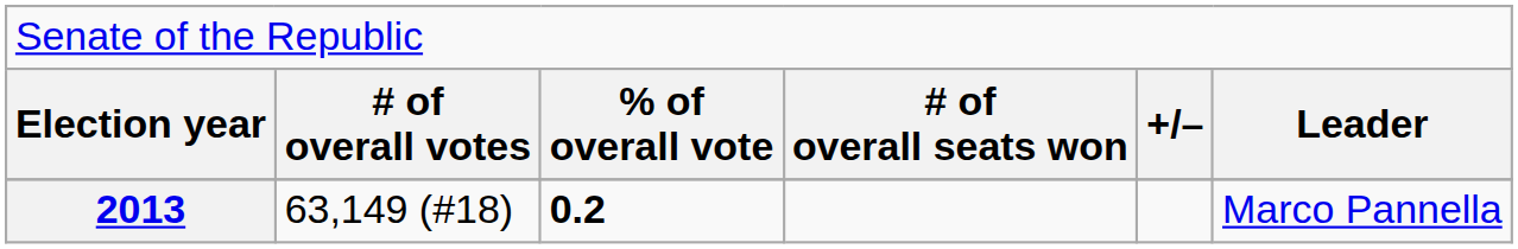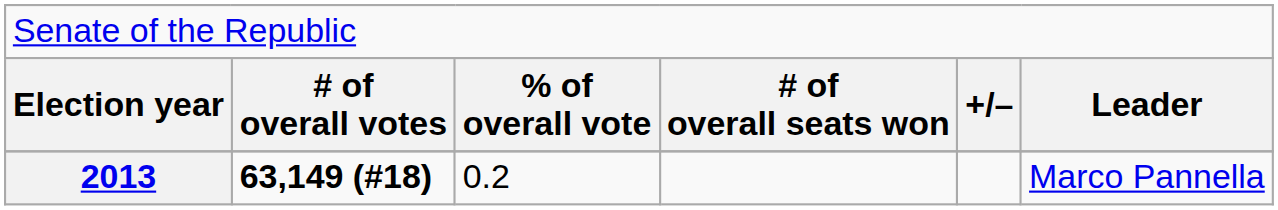 <table class=wikitable>
 <tr>
 <td colspan=6><a href='#'>Senate of the Republic</a></td>
 </tr>
 <tr>
 <th>Election year</th>
 <th># of<br>overall votes</th>
 <th>% of<br>overall vote</th>
 <th># of<br>overall seats won</th>
 <th>+/–</th>
 <th>Leader</th>
 </tr>
 <tr>
 </tr>
 <tr>
 <th><a href='#'>2013</a></th>
-<td>63,149 (#18)</td>
-<td><strong>0.2</strong></td>
+<td><strong>63,149 (#18)</strong></td>
+<td>0.2</td>
 <td></td>
 <td></td>
 <td><a href='#'>Marco Pannella</a></td>
 </tr>
 </table>
